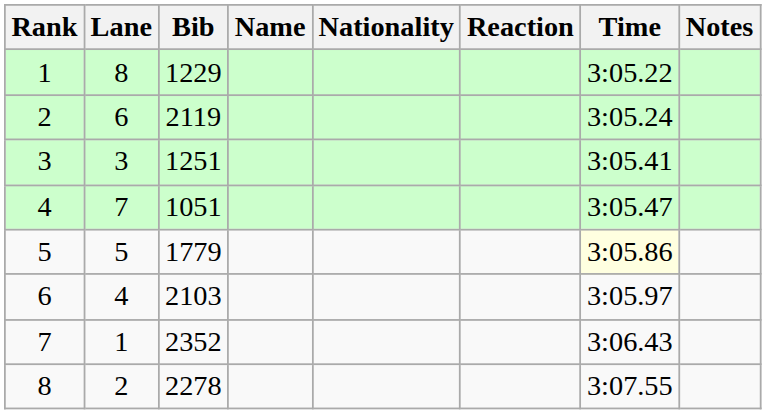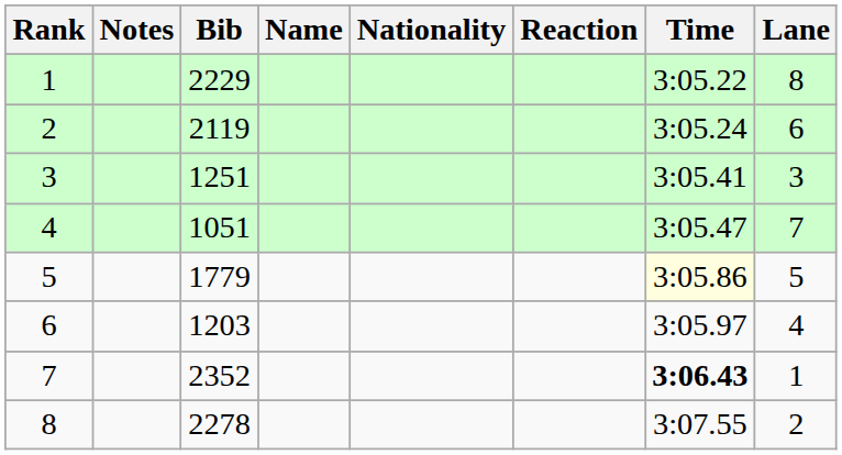 <table class="wikitable sortable" style="text-align:center">
 <tr>
 <th>Rank</th>
-<th>Lane</th>
+<th>Notes</th>
 <th>Bib</th>
 <th>Name</th>
 <th>Nationality</th>
 <th>Reaction</th>
 <th>Time</th>
-<th>Notes</th>
+<th>Lane</th>
 </tr>
 <tr bgcolor=ccffcc>
 <td>1</td>
-<td>8</td>
-<td>1229</td>
+<td><strong></strong></td>
+<td>2229</td>
 <td align=left></td>
 <td align=left></td>
 <td></td>
 <td>3:05.22</td>
-<td><strong></strong></td>
+<td>8</td>
 </tr>
 <tr bgcolor=ccffcc>
 <td>2</td>
-<td>6</td>
+<td><strong></strong></td>
 <td>2119</td>
 <td align=left></td>
 <td align=left></td>
 <td></td>
 <td>3:05.24</td>
-<td><strong></strong></td>
+<td>6</td>
 </tr>
 <tr bgcolor=ccffcc>
 <td>3</td>
-<td>3</td>
+<td><strong></strong></td>
 <td>1251</td>
 <td align=left></td>
 <td align=left></td>
 <td></td>
 <td>3:05.41</td>
-<td><strong></strong></td>
+<td>3</td>
 </tr>
 <tr bgcolor=ccffcc>
 <td>4</td>
-<td>7</td>
+<td><strong></strong></td>
 <td>1051</td>
 <td align=left></td>
 <td align=left></td>
 <td></td>
 <td>3:05.47</td>
-<td><strong></strong></td>
+<td>7</td>
 </tr>
 <tr>
 <td>5</td>
-<td>5</td>
+<td></td>
 <td>1779</td>
 <td align=left></td>
 <td align=left></td>
 <td></td>
 <td style="background: lightyellow;">3:05.86</td>
-<td></td>
+<td>5</td>
 </tr>
 <tr>
 <td>6</td>
-<td>4</td>
-<td>2103</td>
+<td></td>
+<td>1203</td>
 <td align=left></td>
 <td align=left></td>
 <td></td>
 <td>3:05.97</td>
-<td></td>
+<td>4</td>
 </tr>
 <tr>
 <td>7</td>
-<td>1</td>
+<td></td>
 <td>2352</td>
 <td align=left></td>
 <td align=left></td>
 <td></td>
-<td>3:06.43</td>
-<td></td>
+<td><strong>3:06.43</strong></td>
+<td>1</td>
 </tr>
 <tr>
 <td>8</td>
-<td>2</td>
+<td></td>
 <td>2278</td>
 <td align=left></td>
 <td align=left></td>
 <td></td>
 <td>3:07.55</td>
-<td></td>
+<td>2</td>
 </tr>
 </table>
